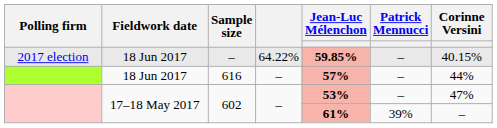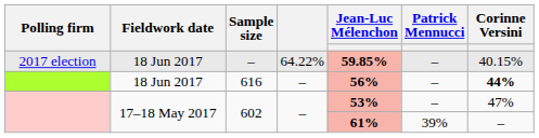 <table class="wikitable sortable" style="text-align:center;font-size:90%;line-height:14px;">
 <tr style="height:40px;">
 <th style="width:100px;" rowspan="2">Polling firm</th>
 <th style="width:110px;" rowspan="2">Fieldwork date</th>
 <th style="width:35px;" rowspan="2">Sample<br>size</th>
 <th style="width:30px;" rowspan="2"></th>
 <th class="unsortable" style="width:60px;"><a href='#'>Jean-Luc Mélenchon</a><br></th>
 <th class="unsortable" style="width:60px;"><a href='#'>Patrick Mennucci</a><br></th>
 <th class="unsortable" style="width:60px;">Corinne Versini<br></th>
 </tr>
 <tr>
 <th style="background:"></th>
 <th style="background:"></th>
 <th style="background:"></th>
 </tr>
 <tr style="background:#E9E9E9;">
 <td><a href='#'>2017 election</a></td>
 <td data-sort-value="2017-06-18">18 Jun 2017</td>
 <td>–</td>
 <td>64.22%</td>
 <td style="background:#F8B3AB;"><strong>59.85%</strong></td>
 <td>–</td>
 <td>40.15%</td>
 </tr>
 <tr>
 <td style="background:GreenYellow;"></td>
 <td data-sort-value="2017-06-18">18 Jun 2017</td>
 <td>616</td>
 <td>–</td>
-<td style="background:#F8B3AB;"><strong>57%</strong></td>
+<td style="background:#F8B3AB;"><strong>56%</strong></td>
 <td>–</td>
-<td>44%</td>
+<td><strong>44%</strong></td>
 </tr>
 <tr>
 <td rowspan="2" style="background:#FFCCCC;"></td>
 <td rowspan="2" data-sort-value="2017-05-18">17–18 May 2017</td>
 <td rowspan="2">602</td>
 <td rowspan="2">–</td>
 <td style="background:#F8B3AB;"><strong>53%</strong></td>
 <td>–</td>
 <td>47%</td>
 </tr>
 <tr>
 <td style="background:#F8B3AB;"><strong>61%</strong></td>
 <td>39%</td>
 <td>–</td>
 </tr>
 </table>
